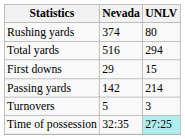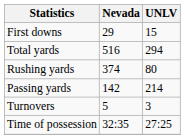 <table class="wikitable">
 <tr>
 <th>Statistics</th>
 <th>Nevada</th>
 <th>UNLV</th>
 </tr>
 <tr>
-<td>Rushing yards</td>
-<td>374</td>
-<td>80</td>
+<td>First downs</td>
+<td>29</td>
+<td>15</td>
 </tr>
 <tr>
 <td>Total yards</td>
 <td>516</td>
 <td>294</td>
 </tr>
 <tr>
-<td>First downs</td>
-<td>29</td>
-<td>15</td>
+<td>Rushing yards</td>
+<td>374</td>
+<td>80</td>
 </tr>
 <tr>
 <td>Passing yards</td>
 <td>142</td>
 <td>214</td>
 </tr>
 <tr>
 <td>Turnovers</td>
 <td>5</td>
 <td>3</td>
 </tr>
 <tr>
 <td>Time of possession</td>
 <td>32:35</td>
-<td style="background: paleturquoise;">27:25</td>
+<td>27:25</td>
 </tr>
 <tr>
 </tr>
 </table>
